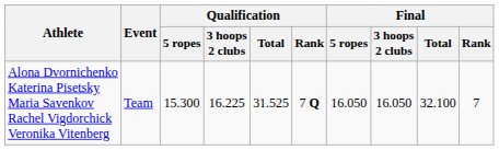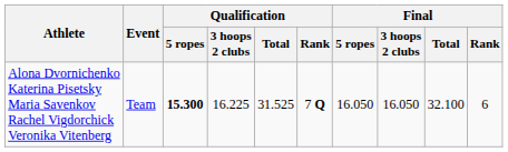 <table class="wikitable" style="font-size:90%">
 <tr>
 <th rowspan="2">Athlete</th>
 <th rowspan="2">Event</th>
 <th colspan="4">Qualification</th>
 <th colspan="4">Final</th>
 </tr>
 <tr style="font-size:95%">
 <th>5 ropes</th>
 <th>3 hoops<br>2 clubs</th>
 <th>Total</th>
 <th>Rank</th>
 <th>5 ropes</th>
 <th>3 hoops<br>2 clubs</th>
 <th>Total</th>
 <th>Rank</th>
 </tr>
 <tr align=center>
 <td align=left><a href='#'>Alona Dvornichenko</a><br><a href='#'>Katerina Pisetsky</a><br><a href='#'>Maria Savenkov</a><br><a href='#'>Rachel Vigdorchick</a><br><a href='#'>Veronika Vitenberg</a></td>
 <td align=left><a href='#'>Team</a></td>
-<td>15.300</td>
+<td><strong>15.300</strong></td>
 <td>16.225</td>
 <td>31.525</td>
 <td>7 <strong>Q</strong></td>
 <td>16.050</td>
 <td>16.050</td>
 <td>32.100</td>
-<td>7</td>
+<td>6</td>
 </tr>
 </table>
